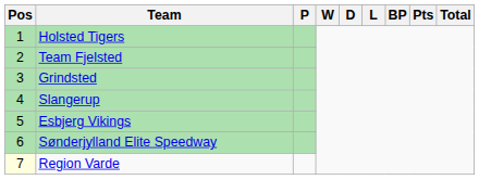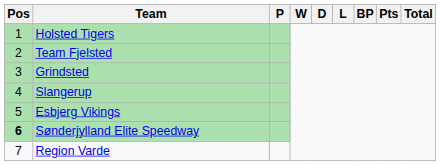 <table class="wikitable" style="font-size: 100%">
 <tr>
 <th width=20>Pos</th>
 <th width=300>Team</th>
 <th width=20>P</th>
 <th width=20>W</th>
 <th width=20>D</th>
 <th width=20>L</th>
 <th width=20>BP</th>
 <th width=20>Pts</th>
 <th width=20>Total</th>
 </tr>
 <tr align=center style="background:#ACE1AF;">
 <td>1</td>
 <td align="left"><a href='#'>Holsted Tigers</a></td>
 <td></td>
 </tr>
 <tr align=center  style="background:#ACE1AF;">
 <td>2</td>
 <td align="left"><a href='#'>Team Fjelsted</a></td>
 <td></td>
 </tr>
 <tr align=center style="background:#ACE1AF;">
 <td>3</td>
 <td align="left"><a href='#'>Grindsted</a></td>
 <td></td>
 </tr>
 <tr align=center style="background:#ACE1AF;">
 <td>4</td>
 <td align="left"><a href='#'>Slangerup</a></td>
 <td></td>
 </tr>
 <tr align=center style="background:#ACE1AF;">
 <td>5</td>
 <td align="left"><a href='#'>Esbjerg Vikings</a></td>
 <td></td>
 </tr>
 <tr align=center style="background:#ACE1AF;">
-<td>6</td>
+<td><strong>6</strong></td>
 <td align="left"><a href='#'>Sønderjylland Elite Speedway</a></td>
 <td></td>
 </tr>
 <tr align=center>
-<td style="background: lightyellow;">7</td>
+<td>7</td>
 <td align="left"><a href='#'>Region Varde</a></td>
 <td></td>
 </tr>
 </table>
